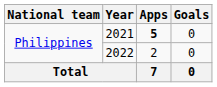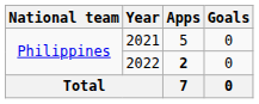 <table class=wikitable style=text-align:center>
 <tr>
 <th>National team</th>
 <th>Year</th>
 <th>Apps</th>
 <th>Goals</th>
 </tr>
 <tr>
 <td rowspan="2"><a href='#'>Philippines</a></td>
 <td>2021</td>
-<td><strong>5</strong></td>
+<td>5</td>
 <td>0</td>
 </tr>
 <tr>
 <td>2022</td>
-<td>2</td>
+<td><strong>2</strong></td>
 <td>0</td>
 </tr>
 <tr>
 <th colspan="2">Total</th>
 <th>7</th>
 <th>0</th>
 </tr>
 </table>
